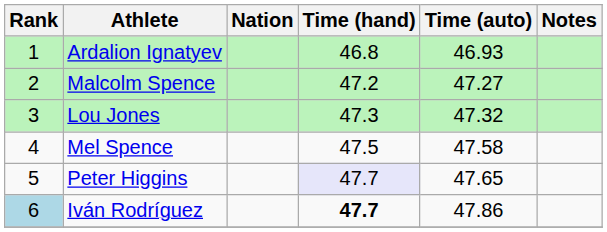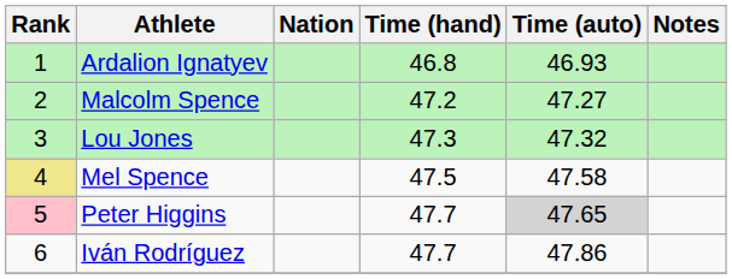 <table class="wikitable sortable" style="text-align:center">
 <tr>
 <th>Rank</th>
 <th>Athlete</th>
 <th>Nation</th>
 <th>Time (hand)</th>
 <th>Time (auto)</th>
 <th>Notes</th>
 </tr>
 <tr bgcolor=bbf3bb>
 <td>1</td>
 <td align=left><a href='#'>Ardalion Ignatyev</a></td>
 <td align=left></td>
 <td>46.8</td>
 <td>46.93</td>
 <td></td>
 </tr>
 <tr bgcolor=bbf3bb>
 <td>2</td>
 <td align=left><a href='#'>Malcolm Spence</a></td>
 <td align=left></td>
 <td>47.2</td>
 <td>47.27</td>
 <td></td>
 </tr>
 <tr bgcolor=bbf3bb>
 <td>3</td>
 <td align=left><a href='#'>Lou Jones</a></td>
 <td align=left></td>
 <td>47.3</td>
 <td>47.32</td>
 <td></td>
 </tr>
 <tr>
-<td>4</td>
+<td style="background: khaki;">4</td>
 <td align=left><a href='#'>Mel Spence</a></td>
 <td align=left></td>
 <td>47.5</td>
 <td>47.58</td>
 <td></td>
 </tr>
 <tr>
-<td>5</td>
+<td style="background: pink;">5</td>
 <td align=left><a href='#'>Peter Higgins</a></td>
 <td align=left></td>
-<td style="background: lavender;">47.7</td>
-<td>47.65</td>
+<td>47.7</td>
+<td style="background: lightgrey;">47.65</td>
 <td></td>
 </tr>
 <tr>
-<td style="background: lightblue;">6</td>
+<td>6</td>
 <td align=left><a href='#'>Iván Rodríguez</a></td>
 <td align=left></td>
-<td><strong>47.7</strong></td>
+<td>47.7</td>
 <td>47.86</td>
 <td></td>
 </tr>
 <tr>
 </tr>
 </table>
